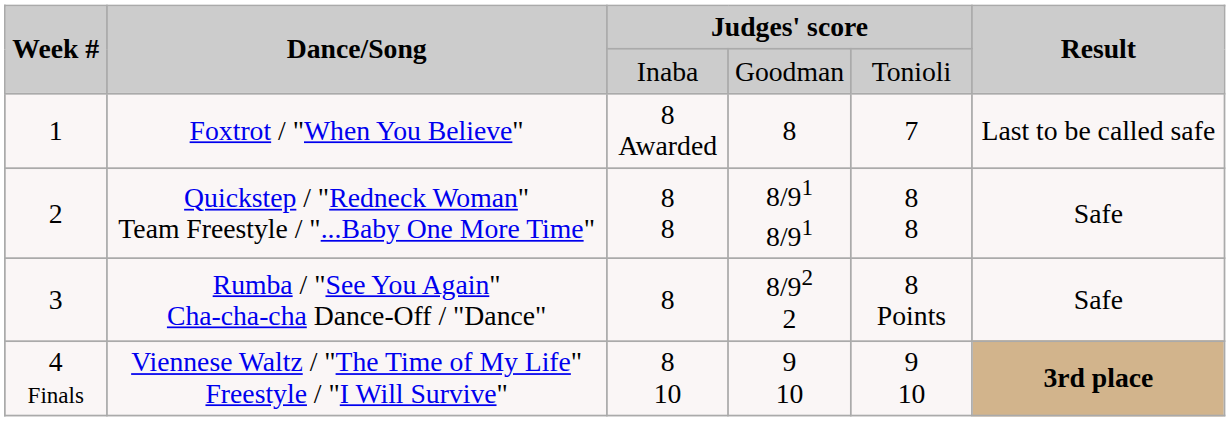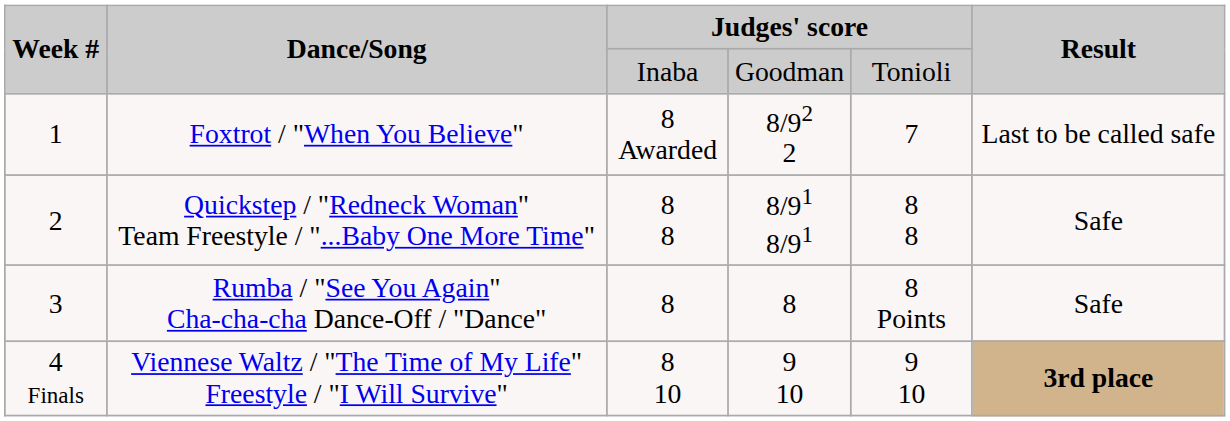 <table class="wikitable" style="float:left;">
 <tr style="text-align:Center; background:#ccc;">
 <td rowspan="2"><strong>Week #</strong></td>
 <td rowspan="2"><strong>Dance/Song</strong></td>
 <td colspan="3"><strong>Judges' score</strong></td>
 <td rowspan="2"><strong>Result</strong></td>
 </tr>
 <tr style="text-align:center; background:#ccc;">
 <td style="width:10%; ">Inaba</td>
 <td style="width:10%; ">Goodman</td>
 <td style="width:10%; ">Tonioli</td>
 </tr>
 <tr style="text-align:center; background:#faf6f6;">
 <td>1</td>
 <td><a href='#'>Foxtrot</a> / "<a href='#'>When You Believe</a>"</td>
 <td>8<br>Awarded</td>
-<td>8</td>
+<td>8/9<sup>2</sup><br>2</td>
 <td>7</td>
 <td>Last to be called safe</td>
 </tr>
 <tr style="text-align:center; background:#faf6f6;">
 <td>2</td>
 <td><a href='#'>Quickstep</a> / "<a href='#'>Redneck Woman</a>"<br>Team Freestyle / "<a href='#'>...Baby One More Time</a>"</td>
 <td>8<br>8</td>
 <td>8/9<sup>1</sup><br>8/9<sup>1</sup></td>
 <td>8<br>8</td>
 <td>Safe</td>
 </tr>
 <tr style="text-align:center; background:#faf6f6;">
 <td>3</td>
 <td><a href='#'>Rumba</a> / "<a href='#'>See You Again</a>"<br><a href='#'>Cha-cha-cha</a> Dance-Off / "Dance"</td>
 <td>8</td>
-<td>8/9<sup>2</sup><br>2</td>
+<td>8</td>
 <td>8<br>Points</td>
 <td>Safe</td>
 </tr>
 <tr style="text-align:center; background:#faf6f6;">
 <td>4<br><small>Finals</small></td>
 <td><a href='#'>Viennese Waltz</a> / "<a href='#'>The Time of My Life</a>"<br><a href='#'>Freestyle</a> / "<a href='#'>I Will Survive</a>"</td>
 <td>8<br>10</td>
 <td>9<br>10</td>
 <td>9<br>10</td>
 <th style="background:tan;">3rd place</th>
 </tr>
 </table>
